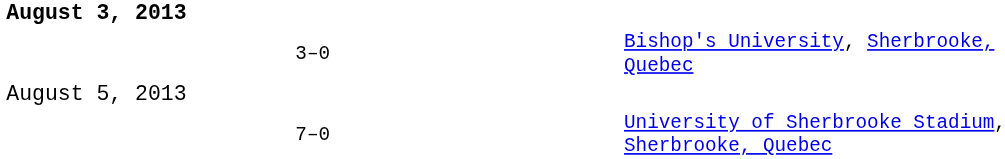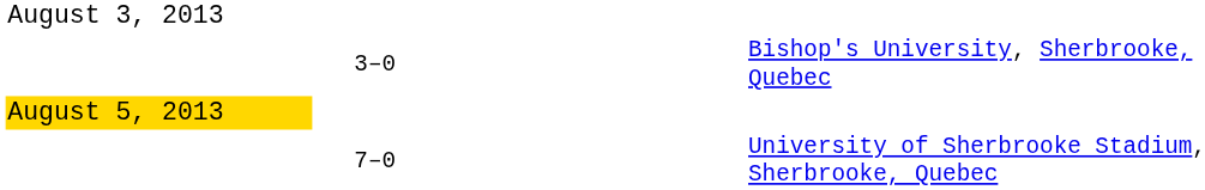 <table style="width:100%;" cellspacing="1">
 <tr>
 <th width=25%></th>
 <th width=10%></th>
 <th width=25%></th>
 </tr>
 <tr>
-<td><strong>August 3, 2013</strong></td>
+<td>August 3, 2013</td>
 </tr>
 <tr style=font-size:90%>
 <td align=right></td>
 <td align=center>3–0</td>
 <td></td>
 <td><a href='#'>Bishop's University</a>, <a href='#'>Sherbrooke, Quebec</a></td>
 </tr>
 <tr>
-<td>August 5, 2013</td>
+<td style="background: gold;">August 5, 2013</td>
 </tr>
 <tr style=font-size:90%>
 <td align=right></td>
 <td align=center>7–0</td>
 <td></td>
 <td><a href='#'>University of Sherbrooke Stadium</a>, <a href='#'>Sherbrooke, Quebec</a></td>
 </tr>
 </table>
